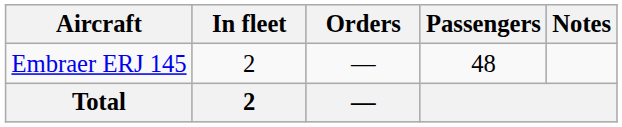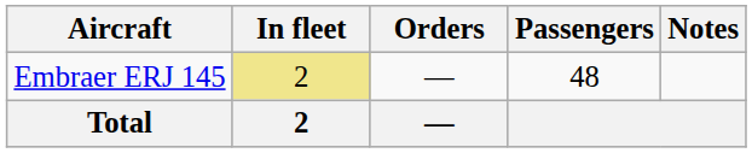 <table class="wikitable" style="margin:1em auto; border-collapse:collapse">
 <tr>
 <th>Aircraft</th>
 <th style="width:50pt;">In fleet</th>
 <th style="width:50pt;">Orders</th>
 <th>Passengers</th>
 <th>Notes</th>
 </tr>
 <tr>
 <td><a href='#'>Embraer ERJ 145</a></td>
-<td align=center>2</td>
+<td align=center style="background: khaki;">2</td>
 <td align=center>—</td>
 <td align=center>48</td>
 <td></td>
 </tr>
 <tr>
 <th>Total</th>
 <th>2</th>
 <th>—</th>
 <th colspan=2></th>
 </tr>
 </table>
